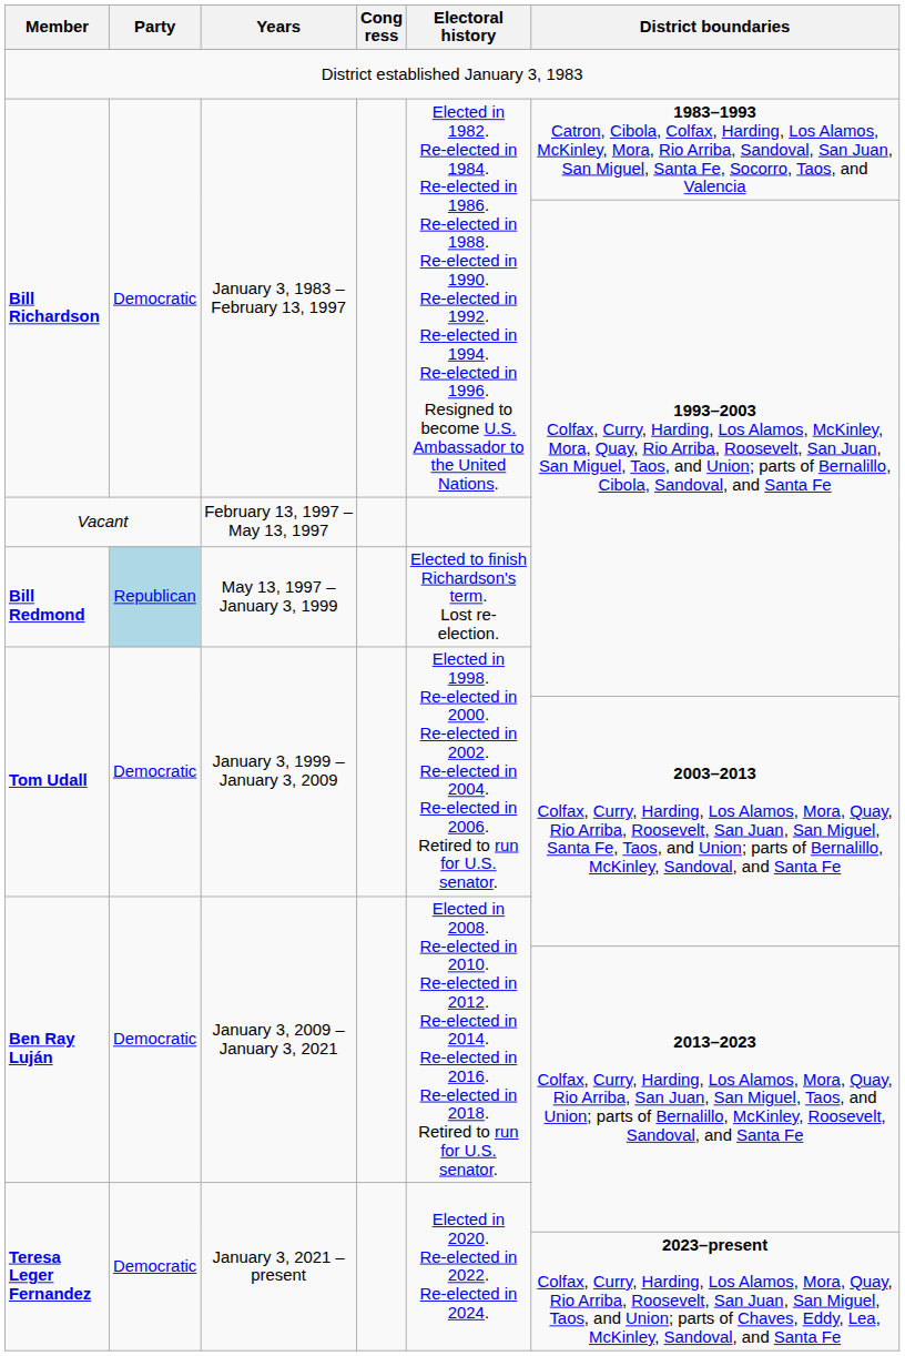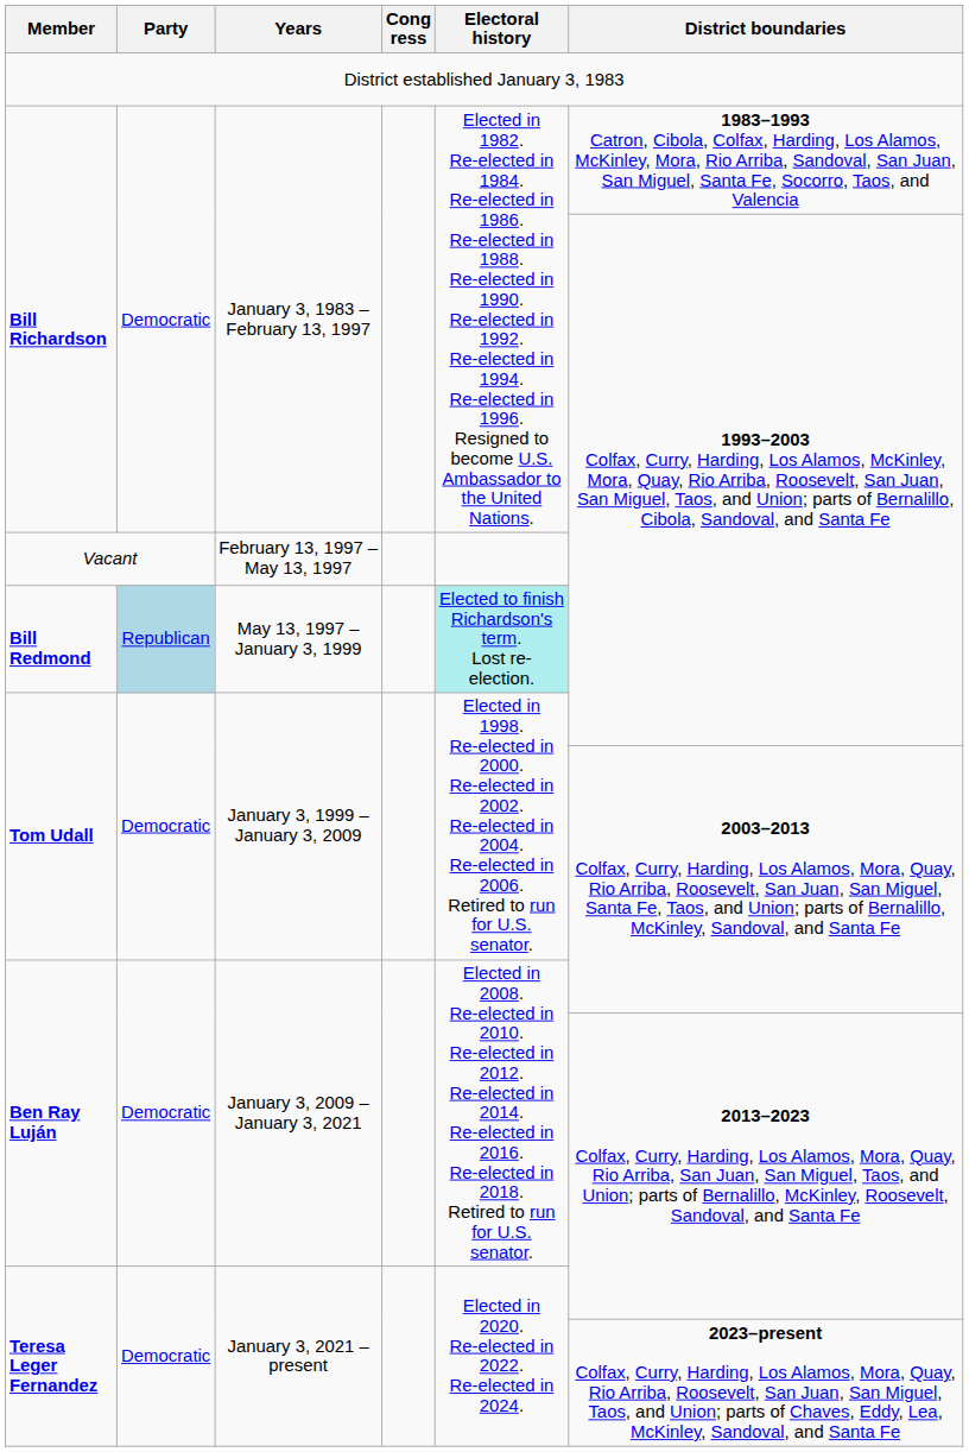 <table class=wikitable style="text-align:center">
 <tr>
 <th>Member<br></th>
 <th>Party</th>
 <th>Years</th>
 <th>Cong<br>ress</th>
 <th>Electoral history</th>
 <th width=350px>District boundaries</th>
 </tr>
 <tr style="height:3em">
 <td colspan=6>District established January 3, 1983</td>
 </tr>
 <tr style="height:3em">
 <td rowspan=2 align=left><br><strong><a href='#'>Bill Richardson</a></strong><br></td>
 <td rowspan=2 ><a href='#'>Democratic</a></td>
 <td rowspan=2 nowrap>January 3, 1983 –<br>February 13, 1997</td>
 <td rowspan=2></td>
 <td rowspan=2><a href='#'>Elected in 1982</a>.<br><a href='#'>Re-elected in 1984</a>.<br><a href='#'>Re-elected in 1986</a>.<br><a href='#'>Re-elected in 1988</a>.<br><a href='#'>Re-elected in 1990</a>.<br><a href='#'>Re-elected in 1992</a>.<br><a href='#'>Re-elected in 1994</a>.<br><a href='#'>Re-elected in 1996</a>.<br>Resigned to become <a href='#'>U.S. Ambassador to the United Nations</a>.</td>
 <td><strong>1983–1993</strong><br><a href='#'>Catron</a>, <a href='#'>Cibola</a>, <a href='#'>Colfax</a>, <a href='#'>Harding</a>, <a href='#'>Los Alamos</a>, <a href='#'>McKinley</a>, <a href='#'>Mora</a>, <a href='#'>Rio Arriba</a>, <a href='#'>Sandoval</a>, <a href='#'>San Juan</a>, <a href='#'>San Miguel</a>, <a href='#'>Santa Fe</a>, <a href='#'>Socorro</a>, <a href='#'>Taos</a>, and <a href='#'>Valencia</a></td>
 </tr>
 <tr style="height:3em">
 <td rowspan=4><strong>1993–2003</strong><br><a href='#'>Colfax</a>, <a href='#'>Curry</a>, <a href='#'>Harding</a>, <a href='#'>Los Alamos</a>, <a href='#'>McKinley</a>, <a href='#'>Mora</a>, <a href='#'>Quay</a>, <a href='#'>Rio Arriba</a>, <a href='#'>Roosevelt</a>, <a href='#'>San Juan</a>, <a href='#'>San Miguel</a>, <a href='#'>Taos</a>, and <a href='#'>Union</a>; parts of <a href='#'>Bernalillo</a>, <a href='#'>Cibola</a>, <a href='#'>Sandoval</a>, and <a href='#'>Santa Fe</a></td>
 </tr>
 <tr style="height:3em">
 <td colspan=2><em>Vacant</em></td>
 <td nowrap>February 13, 1997 –<br>May 13, 1997</td>
 <td></td>
 <td></td>
 </tr>
 <tr style="height:3em">
 <td align=left><br><strong><a href='#'>Bill Redmond</a></strong><br></td>
 <td style="background: lightblue;"><a href='#'>Republican</a></td>
 <td nowrap>May 13, 1997 –<br>January 3, 1999</td>
 <td></td>
-<td><a href='#'>Elected to finish Richardson's term</a>.<br>Lost re-election.</td>
+<td style="background: paleturquoise;"><a href='#'>Elected to finish Richardson's term</a>.<br>Lost re-election.</td>
 </tr>
 <tr style="height:3em">
 <td rowspan=2 align=left><br><strong><a href='#'>Tom Udall</a></strong><br></td>
 <td rowspan=2 ><a href='#'>Democratic</a></td>
 <td rowspan=2 nowrap>January 3, 1999 –<br>January 3, 2009</td>
 <td rowspan=2></td>
 <td rowspan=2><a href='#'>Elected in 1998</a>.<br><a href='#'>Re-elected in 2000</a>.<br><a href='#'>Re-elected in 2002</a>.<br><a href='#'>Re-elected in 2004</a>.<br><a href='#'>Re-elected in 2006</a>.<br>Retired to <a href='#'>run for U.S. senator</a>.</td>
 </tr>
 <tr style="height:3em">
 <td rowspan=2><strong>2003–2013</strong><br><br><a href='#'>Colfax</a>, <a href='#'>Curry</a>, <a href='#'>Harding</a>, <a href='#'>Los Alamos</a>, <a href='#'>Mora</a>, <a href='#'>Quay</a>, <a href='#'>Rio Arriba</a>, <a href='#'>Roosevelt</a>, <a href='#'>San Juan</a>, <a href='#'>San Miguel</a>, <a href='#'>Santa Fe</a>, <a href='#'>Taos</a>, and <a href='#'>Union</a>; parts of <a href='#'>Bernalillo</a>, <a href='#'>McKinley</a>, <a href='#'>Sandoval</a>, and <a href='#'>Santa Fe</a></td>
 </tr>
 <tr style="height:3em">
 <td rowspan=2 align=left><br><strong><a href='#'>Ben Ray Luján</a></strong><br></td>
 <td rowspan=2 ><a href='#'>Democratic</a></td>
 <td rowspan=2 nowrap>January 3, 2009 –<br>January 3, 2021</td>
 <td rowspan=2></td>
 <td rowspan=2><a href='#'>Elected in 2008</a>.<br><a href='#'>Re-elected in 2010</a>.<br><a href='#'>Re-elected in 2012</a>.<br><a href='#'>Re-elected in 2014</a>.<br><a href='#'>Re-elected in 2016</a>.<br><a href='#'>Re-elected in 2018</a>.<br>Retired to <a href='#'>run for U.S. senator</a>.</td>
 </tr>
 <tr style="height:3em">
 <td rowspan=2><strong>2013–2023</strong><br><br><a href='#'>Colfax</a>, <a href='#'>Curry</a>, <a href='#'>Harding</a>, <a href='#'>Los Alamos</a>, <a href='#'>Mora</a>, <a href='#'>Quay</a>, <a href='#'>Rio Arriba</a>, <a href='#'>San Juan</a>, <a href='#'>San Miguel</a>, <a href='#'>Taos</a>, and <a href='#'>Union</a>; parts of <a href='#'>Bernalillo</a>, <a href='#'>McKinley</a>, <a href='#'>Roosevelt</a>, <a href='#'>Sandoval</a>, and <a href='#'>Santa Fe</a></td>
 </tr>
 <tr style="height:3em">
 <td rowspan=2 align=left><br><strong><a href='#'>Teresa Leger Fernandez</a></strong><br></td>
 <td rowspan=2 ><a href='#'>Democratic</a></td>
 <td rowspan=2 nowrap>January 3, 2021 –<br>present</td>
 <td rowspan=2></td>
 <td rowspan=2><a href='#'>Elected in 2020</a>.<br><a href='#'>Re-elected in 2022</a>.<br><a href='#'>Re-elected in 2024</a>.</td>
 </tr>
 <tr style="height:3em">
 <td><strong>2023–present</strong><br><br><a href='#'>Colfax</a>, <a href='#'>Curry</a>, <a href='#'>Harding</a>, <a href='#'>Los Alamos</a>, <a href='#'>Mora</a>, <a href='#'>Quay</a>, <a href='#'>Rio Arriba</a>, <a href='#'>Roosevelt</a>, <a href='#'>San Juan</a>, <a href='#'>San Miguel</a>, <a href='#'>Taos</a>, and <a href='#'>Union</a>; parts of <a href='#'>Chaves</a>, <a href='#'>Eddy</a>, <a href='#'>Lea</a>, <a href='#'>McKinley</a>, <a href='#'>Sandoval</a>, and <a href='#'>Santa Fe</a></td>
 </tr>
 </table>
